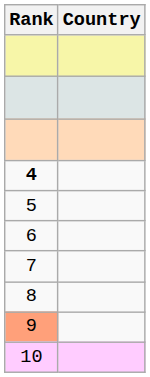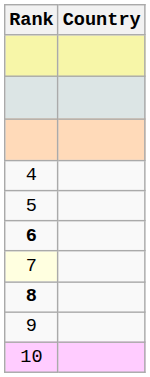 <table class="wikitable">
 <tr>
 <th>Rank</th>
 <th>Country</th>
 </tr>
 <tr bgcolor="#F7F6A8">
 <td align="center" style="height:23px"></td>
 <td></td>
 </tr>
 <tr bgcolor="#DCE5E5">
 <td align="center" style="height:23px"></td>
 <td></td>
 </tr>
 <tr bgcolor="#FFDAB9">
 <td align="center" style="height:23px"></td>
 <td></td>
 </tr>
 <tr>
-<td align="center"><strong>4</strong></td>
+<td align="center">4</td>
 <td></td>
 </tr>
 <tr>
 <td align="center">5</td>
 <td></td>
 </tr>
 <tr>
-<td align="center">6</td>
+<td align="center"><strong>6</strong></td>
 <td></td>
 </tr>
 <tr>
-<td align="center">7</td>
+<td align="center" style="background: lightyellow;">7</td>
 <td></td>
 </tr>
 <tr>
-<td align="center">8</td>
+<td align="center"><strong>8</strong></td>
 <td></td>
 </tr>
 <tr>
-<td align="center" style="background: lightsalmon;">9</td>
+<td align="center">9</td>
 <td></td>
 </tr>
 <tr bgcolor="#ffccff">
 <td align="center">10</td>
 <td></td>
 </tr>
 </table>
